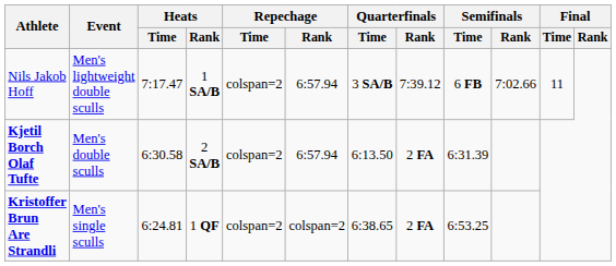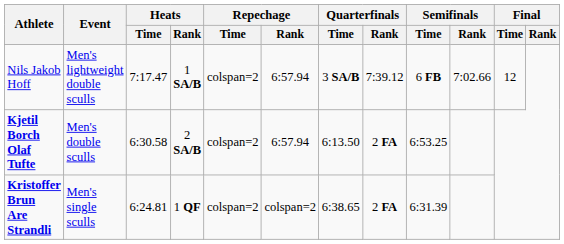 <table class="wikitable" style="font-size:90%">
 <tr>
 <th rowspan="2">Athlete</th>
 <th rowspan="2">Event</th>
 <th colspan="2">Heats</th>
 <th colspan="2">Repechage</th>
 <th colspan="2">Quarterfinals</th>
 <th colspan="2">Semifinals</th>
 <th colspan="2">Final</th>
 </tr>
 <tr style="font-size:95%">
 <th>Time</th>
 <th>Rank</th>
 <th>Time</th>
 <th>Rank</th>
 <th>Time</th>
 <th>Rank</th>
 <th>Time</th>
 <th>Rank</th>
 <th>Time</th>
 <th>Rank</th>
 </tr>
 <tr align=center>
 <td align=left><a href='#'>Nils Jakob Hoff</a></td>
 <td align=left><a href='#'>Men's lightweight double sculls</a></td>
 <td>7:17.47</td>
 <td>1 <strong>SA/B</strong></td>
 <td>colspan=2 </td>
 <td>6:57.94</td>
 <td>3 <strong>SA/B</strong></td>
 <td>7:39.12</td>
 <td>6 <strong>FB</strong></td>
 <td>7:02.66</td>
-<td>11</td>
+<td>12</td>
 </tr>
 <tr align=center>
 <td align=left><strong><a href='#'>Kjetil Borch</a><br><a href='#'>Olaf Tufte</a></strong></td>
 <td align=left><a href='#'>Men's double sculls</a></td>
 <td>6:30.58</td>
 <td>2 <strong>SA/B</strong></td>
 <td>colspan=2 </td>
 <td>6:57.94</td>
 <td>6:13.50</td>
 <td>2 <strong>FA</strong></td>
-<td>6:31.39</td>
+<td>6:53.25</td>
 <td></td>
 </tr>
 <tr align=center>
 <td align=left><strong><a href='#'>Kristoffer Brun</a><br><a href='#'>Are Strandli</a></strong></td>
 <td align=left><a href='#'>Men's single sculls</a></td>
 <td>6:24.81</td>
 <td>1 <strong>QF</strong></td>
 <td>colspan=2 </td>
 <td>colspan=2 </td>
 <td>6:38.65</td>
 <td>2 <strong>FA</strong></td>
-<td>6:53.25</td>
+<td>6:31.39</td>
 <td></td>
 </tr>
 </table>
